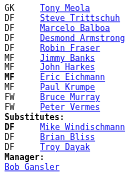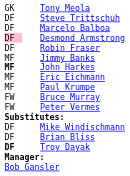 <table cellspacing="0" cellpadding="0" style="font-size:90%; margin:0.2em auto;">
 <tr>
 <th width="25"></th>
 <th width="25"></th>
 </tr>
 <tr>
 <td>GK</td>
 <td></td>
 <td><a href='#'>Tony Meola</a></td>
 </tr>
 <tr>
 <td>DF</td>
 <td></td>
 <td><a href='#'>Steve Trittschuh</a></td>
 </tr>
 <tr>
 <td>DF</td>
 <td></td>
 <td><a href='#'>Marcelo Balboa</a></td>
 </tr>
 <tr>
-<td>DF</td>
+<td style="background: pink;">DF</td>
 <td></td>
 <td><a href='#'>Desmond Armstrong</a></td>
 </tr>
 <tr>
 <td>DF</td>
 <td></td>
 <td><a href='#'>Robin Fraser</a></td>
 </tr>
 <tr>
 <td>MF</td>
 <td></td>
 <td><a href='#'>Jimmy Banks</a></td>
 </tr>
 <tr>
-<td>MF</td>
+<td><strong>MF</strong></td>
 <td></td>
 <td><a href='#'>John Harkes</a></td>
 </tr>
 <tr>
-<td><strong>MF</strong></td>
+<td>MF</td>
 <td></td>
 <td><a href='#'>Eric Eichmann</a></td>
 </tr>
 <tr>
 <td>MF</td>
 <td></td>
 <td><a href='#'>Paul Krumpe</a></td>
 </tr>
 <tr>
 <td>FW</td>
 <td></td>
 <td><a href='#'>Bruce Murray</a></td>
 </tr>
 <tr>
 <td>FW</td>
 <td></td>
 <td><a href='#'>Peter Vermes</a></td>
 </tr>
 <tr>
 <td colspan=4><strong>Substitutes:</strong></td>
 </tr>
 <tr>
-<td><strong>DF</strong></td>
+<td>DF</td>
 <td></td>
 <td><a href='#'>Mike Windischmann</a></td>
 </tr>
 <tr>
 <td>DF</td>
 <td></td>
 <td><a href='#'>Brian Bliss</a></td>
 </tr>
 <tr>
-<td>DF</td>
+<td><strong>DF</strong></td>
 <td></td>
 <td><a href='#'>Troy Dayak</a></td>
 </tr>
 <tr>
 <td colspan=4><strong>Manager:</strong></td>
 </tr>
 <tr>
 <td colspan="4"> <a href='#'>Bob Gansler</a></td>
 </tr>
 </table>
